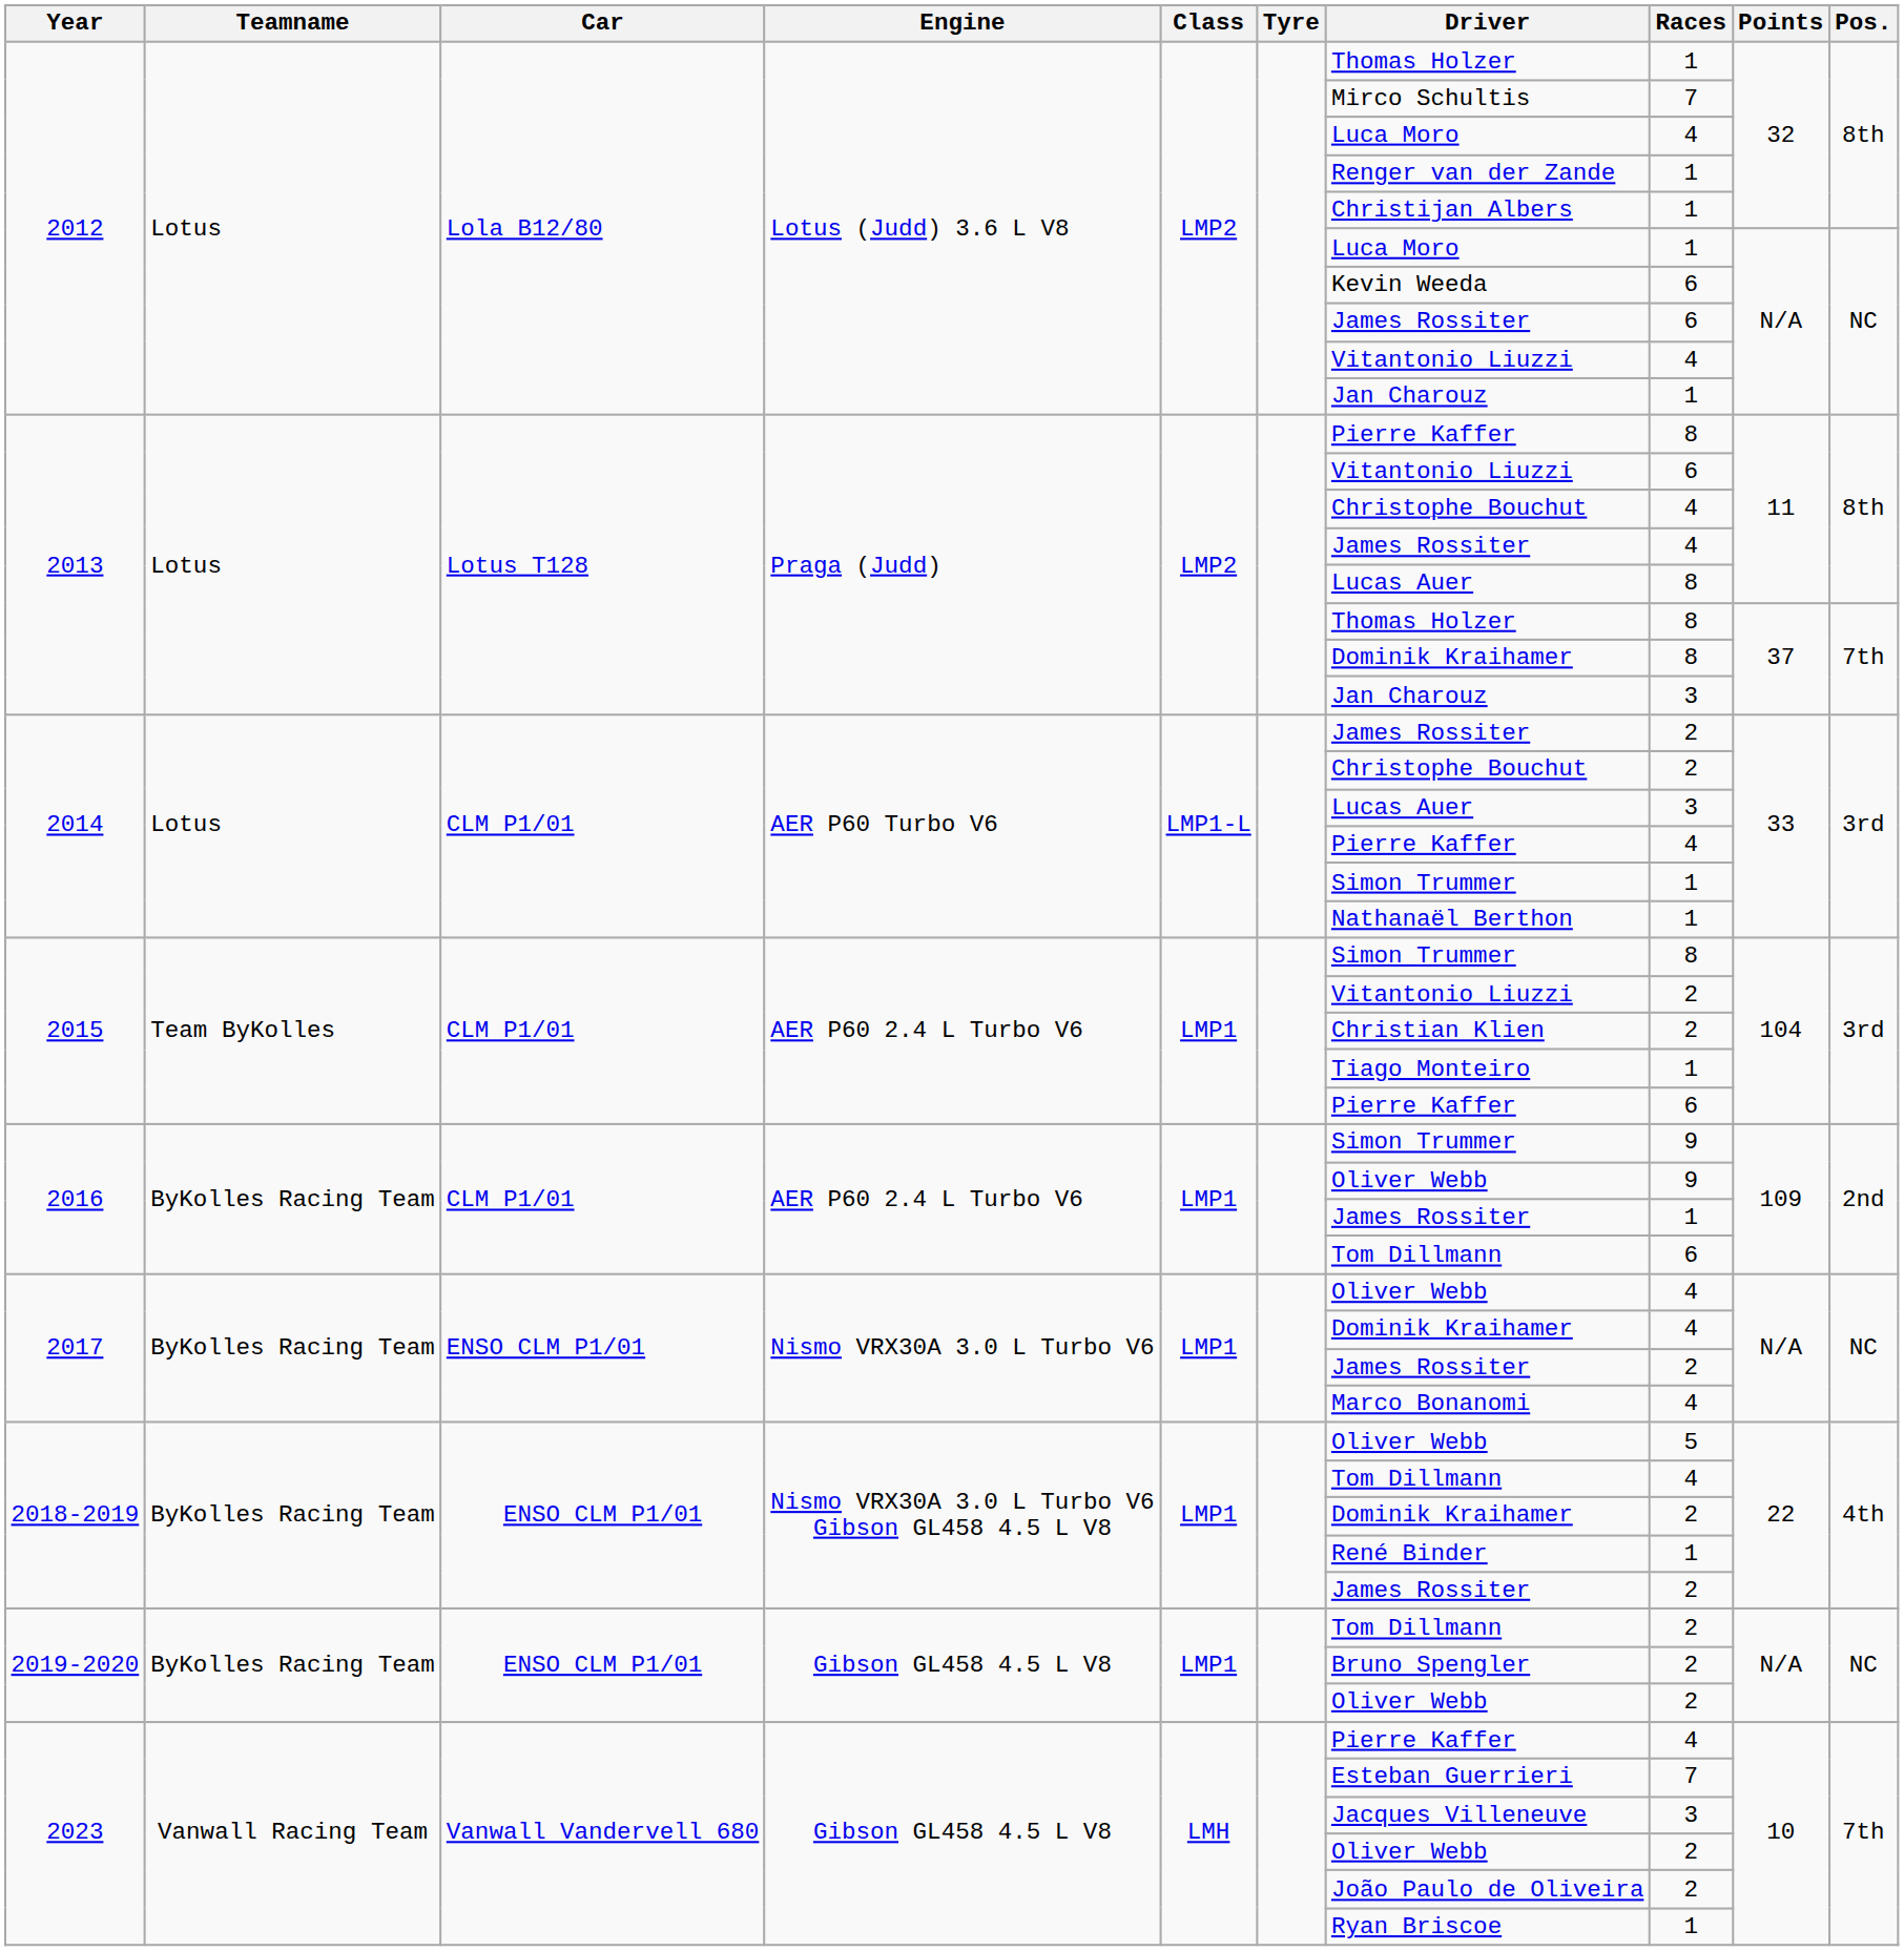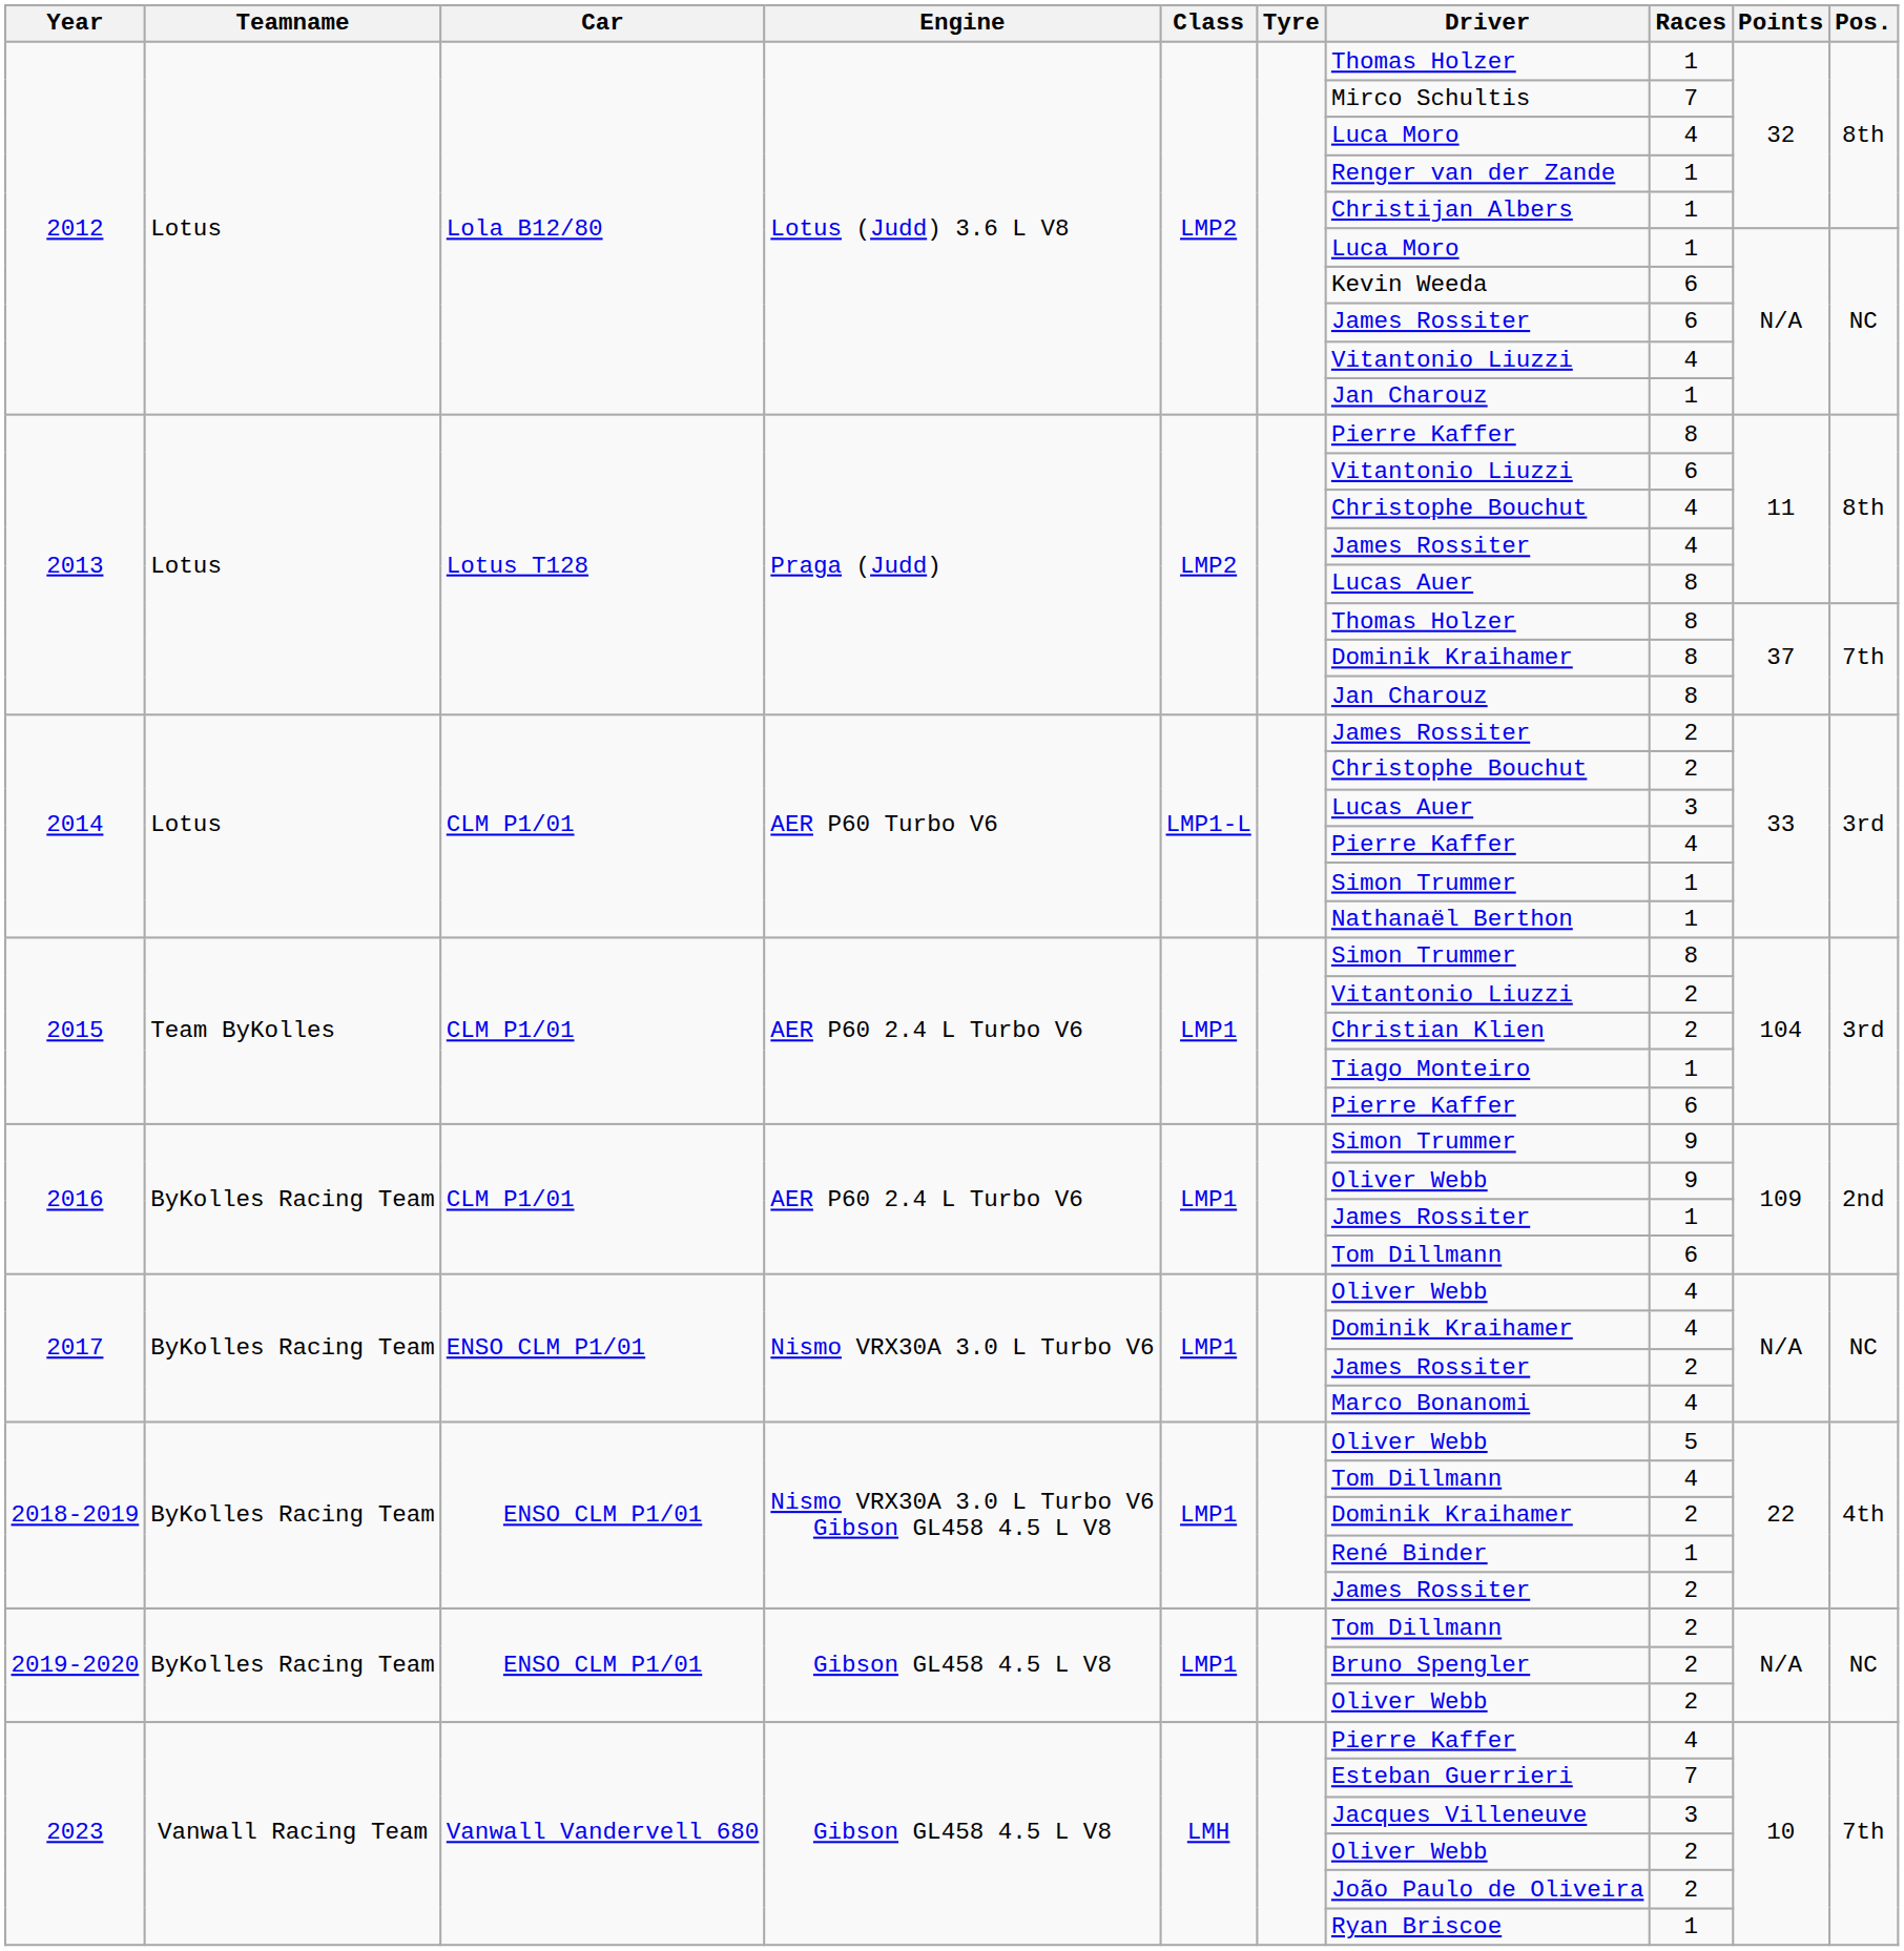 <table class="wikitable" style="font-size: 85%; text-align:center">
 <tr>
 <th>Year</th>
 <th>Teamname</th>
 <th>Car</th>
 <th>Engine</th>
 <th>Class</th>
 <th>Tyre</th>
 <th>Driver</th>
 <th>Races</th>
 <th>Points</th>
 <th>Pos.</th>
 </tr>
 <tr>
 <td rowspan=10><a href='#'>2012</a></td>
 <td rowspan=10 align=left> Lotus</td>
 <td rowspan=10 align=left><a href='#'>Lola B12/80</a></td>
 <td rowspan=10 align=left><a href='#'>Lotus</a> (<a href='#'>Judd</a>) 3.6 L V8</td>
 <td rowspan=10><a href='#'>LMP2</a></td>
 <td rowspan=10></td>
 <td align="left"> <a href='#'>Thomas Holzer</a></td>
 <td>1</td>
 <td rowspan="5">32</td>
 <td rowspan="5">8th</td>
 </tr>
 <tr>
 <td align="left"> Mirco Schultis</td>
 <td>7</td>
 </tr>
 <tr>
 <td align="left"> <a href='#'>Luca Moro</a></td>
 <td>4</td>
 </tr>
 <tr>
 <td align="left"> <a href='#'>Renger van der Zande</a></td>
 <td>1</td>
 </tr>
 <tr>
 <td align="left"> <a href='#'>Christijan Albers</a></td>
 <td>1</td>
 </tr>
 <tr>
 <td align="left"> <a href='#'>Luca Moro</a></td>
 <td>1</td>
 <td rowspan="5">N/A</td>
 <td rowspan="5">NC</td>
 </tr>
 <tr>
 <td align="left"> Kevin Weeda</td>
 <td>6</td>
 </tr>
 <tr>
 <td align="left"> <a href='#'>James Rossiter</a></td>
 <td>6</td>
 </tr>
 <tr>
 <td align="left"> <a href='#'>Vitantonio Liuzzi</a></td>
 <td>4</td>
 </tr>
 <tr>
 <td align="left"> <a href='#'>Jan Charouz</a></td>
 <td>1</td>
 </tr>
 <tr>
 <td rowspan=8><a href='#'>2013</a></td>
 <td rowspan=8 align=left> Lotus</td>
 <td rowspan=8 align=left><a href='#'>Lotus T128</a></td>
 <td rowspan=8 align=left><a href='#'>Praga</a> (<a href='#'>Judd</a>)</td>
 <td rowspan=8><a href='#'>LMP2</a></td>
 <td rowspan=8></td>
 <td align=left> <a href='#'>Pierre Kaffer</a></td>
 <td>8</td>
 <td rowspan="5">11</td>
 <td rowspan="5">8th</td>
 </tr>
 <tr>
 <td align="left"> <a href='#'>Vitantonio Liuzzi</a></td>
 <td>6</td>
 </tr>
 <tr>
 <td align="left"> <a href='#'>Christophe Bouchut</a></td>
 <td>4</td>
 </tr>
 <tr>
 <td align="left"> <a href='#'>James Rossiter</a></td>
 <td>4</td>
 </tr>
 <tr>
 <td align="left"> <a href='#'>Lucas Auer</a></td>
 <td>8</td>
 </tr>
 <tr>
 <td align="left"> <a href='#'>Thomas Holzer</a></td>
 <td>8</td>
 <td rowspan="3">37</td>
 <td rowspan="3">7th</td>
 </tr>
 <tr>
 <td align="left"> <a href='#'>Dominik Kraihamer</a></td>
 <td>8</td>
 </tr>
 <tr>
 <td align="left"> <a href='#'>Jan Charouz</a></td>
-<td>3</td>
+<td>8</td>
 </tr>
 <tr>
 <td rowspan=6><a href='#'>2014</a></td>
 <td rowspan=6 align=left> Lotus</td>
 <td rowspan=6 align=left><a href='#'>CLM P1/01</a></td>
 <td rowspan=6 align=left><a href='#'>AER</a> P60 Turbo V6</td>
 <td rowspan=6><a href='#'>LMP1-L</a></td>
 <td rowspan=6></td>
 <td align="left"> <a href='#'>James Rossiter</a></td>
 <td>2</td>
 <td rowspan=6>33</td>
 <td rowspan=6>3rd</td>
 </tr>
 <tr>
 <td align="left"> <a href='#'>Christophe Bouchut</a></td>
 <td>2</td>
 </tr>
 <tr>
 <td align="left"> <a href='#'>Lucas Auer</a></td>
 <td>3</td>
 </tr>
 <tr>
 <td align="left"> <a href='#'>Pierre Kaffer</a></td>
 <td>4</td>
 </tr>
 <tr>
 <td align="left"> <a href='#'>Simon Trummer</a></td>
 <td>1</td>
 </tr>
 <tr>
 <td align="left"> <a href='#'>Nathanaël Berthon</a></td>
 <td>1</td>
 </tr>
 <tr>
 <td rowspan="5"><a href='#'>2015</a></td>
 <td rowspan="5" align=left> Team ByKolles</td>
 <td rowspan="5" align=left><a href='#'>CLM P1/01</a></td>
 <td rowspan="5" align=left><a href='#'>AER</a> P60 2.4 L Turbo V6</td>
 <td rowspan="5"><a href='#'>LMP1</a></td>
 <td rowspan="5"></td>
 <td align=left> <a href='#'>Simon Trummer</a></td>
 <td>8</td>
 <td rowspan="5">104</td>
 <td rowspan="5">3rd</td>
 </tr>
 <tr>
 <td align=left> <a href='#'>Vitantonio Liuzzi</a></td>
 <td>2</td>
 </tr>
 <tr>
 <td align=left> <a href='#'>Christian Klien</a></td>
 <td>2</td>
 </tr>
 <tr>
 <td align=left> <a href='#'>Tiago Monteiro</a></td>
 <td>1</td>
 </tr>
 <tr>
 <td align=left> <a href='#'>Pierre Kaffer</a></td>
 <td>6</td>
 </tr>
 <tr>
 <td rowspan="4"><a href='#'>2016</a></td>
 <td rowspan="4" align=left> ByKolles Racing Team</td>
 <td rowspan="4"  align=left><a href='#'>CLM P1/01</a></td>
 <td rowspan="4"  align=left><a href='#'>AER</a> P60 2.4 L Turbo V6</td>
 <td rowspan="4"><a href='#'>LMP1</a></td>
 <td rowspan="4"></td>
 <td align=left> <a href='#'>Simon Trummer</a></td>
 <td>9</td>
 <td rowspan="4">109</td>
 <td rowspan="4">2nd</td>
 </tr>
 <tr>
 <td align=left> <a href='#'>Oliver Webb</a></td>
 <td>9</td>
 </tr>
 <tr>
 <td align=left> <a href='#'>James Rossiter</a></td>
 <td>1</td>
 </tr>
 <tr>
 <td align=left> <a href='#'>Tom Dillmann</a></td>
 <td>6</td>
 </tr>
 <tr>
 <td rowspan="4"><a href='#'>2017</a></td>
 <td rowspan="4" align=left> ByKolles Racing Team</td>
 <td rowspan="4" align=left><a href='#'>ENSO CLM P1/01</a></td>
 <td rowspan="4" align=left><a href='#'>Nismo</a> VRX30A 3.0 L Turbo V6</td>
 <td rowspan="4"><a href='#'>LMP1</a></td>
 <td rowspan="4"></td>
 <td align=left> <a href='#'>Oliver Webb</a></td>
 <td>4</td>
 <td rowspan="4">N/A</td>
 <td rowspan="4">NC</td>
 </tr>
 <tr>
 <td align=left> <a href='#'>Dominik Kraihamer</a></td>
 <td>4</td>
 </tr>
 <tr>
 <td align=left> <a href='#'>James Rossiter</a></td>
 <td>2</td>
 </tr>
 <tr>
 <td align=left> <a href='#'>Marco Bonanomi</a></td>
 <td>4</td>
 </tr>
 <tr>
 <td rowspan="5"><a href='#'>2018-2019</a></td>
 <td rowspan="5"> ByKolles Racing Team</td>
 <td rowspan="5"><a href='#'>ENSO CLM P1/01</a></td>
 <td rowspan="5"><a href='#'>Nismo</a> VRX30A 3.0 L Turbo V6<br><a href='#'>Gibson</a> GL458 4.5 L V8</td>
 <td rowspan="5"><a href='#'>LMP1</a></td>
 <td rowspan="5"></td>
 <td align=left> <a href='#'>Oliver Webb</a></td>
 <td>5</td>
 <td rowspan="5">22</td>
 <td rowspan="5">4th</td>
 </tr>
 <tr>
 <td align=left> <a href='#'>Tom Dillmann</a></td>
 <td>4</td>
 </tr>
 <tr>
 <td align=left> <a href='#'>Dominik Kraihamer</a></td>
 <td>2</td>
 </tr>
 <tr>
 <td align=left> <a href='#'>René Binder</a></td>
 <td>1</td>
 </tr>
 <tr>
 <td align=left> <a href='#'>James Rossiter</a></td>
 <td>2</td>
 </tr>
 <tr>
 <td rowspan="3"><a href='#'>2019-2020</a></td>
 <td rowspan="3"> ByKolles Racing Team</td>
 <td rowspan="3"><a href='#'>ENSO CLM P1/01</a></td>
 <td rowspan="3"><a href='#'>Gibson</a> GL458 4.5 L V8</td>
 <td rowspan="3"><a href='#'>LMP1</a></td>
 <td rowspan="3"></td>
 <td align=left> <a href='#'>Tom Dillmann</a></td>
 <td>2</td>
 <td rowspan="3">N/A</td>
 <td rowspan="3">NC</td>
 </tr>
 <tr>
 <td align=left> <a href='#'>Bruno Spengler</a></td>
 <td>2</td>
 </tr>
 <tr>
 <td align=left> <a href='#'>Oliver Webb</a></td>
 <td>2</td>
 </tr>
 <tr>
 <td rowspan="6"><a href='#'>2023</a></td>
 <td rowspan="6"> Vanwall Racing Team</td>
 <td rowspan="6"><a href='#'>Vanwall Vandervell 680</a></td>
 <td rowspan="6"><a href='#'>Gibson</a> GL458 4.5 L V8</td>
 <td rowspan="6"><a href='#'>LMH</a></td>
 <td rowspan="6"></td>
 <td align=left> <a href='#'>Pierre Kaffer</a></td>
 <td>4</td>
 <td rowspan="6">10</td>
 <td rowspan="6">7th</td>
 </tr>
 <tr>
 <td align=left> <a href='#'>Esteban Guerrieri</a></td>
 <td>7</td>
 </tr>
 <tr>
 <td align=left> <a href='#'>Jacques Villeneuve</a></td>
 <td>3</td>
 </tr>
 <tr>
 <td align=left> <a href='#'>Oliver Webb</a></td>
 <td>2</td>
 </tr>
 <tr>
 <td align=left> <a href='#'>João Paulo de Oliveira</a></td>
 <td>2</td>
 </tr>
 <tr>
 <td align=left> <a href='#'>Ryan Briscoe</a></td>
 <td>1</td>
 </tr>
 </table>
